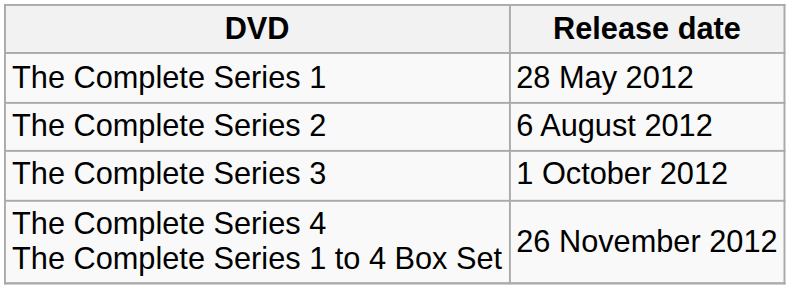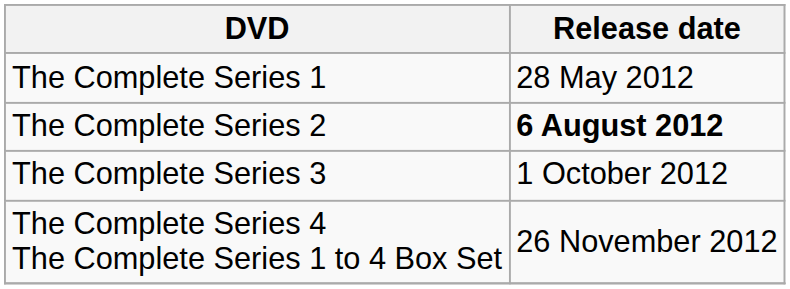 <table class="wikitable">
 <tr>
 <th>DVD</th>
 <th>Release date</th>
 </tr>
 <tr>
 <td>The Complete Series 1</td>
 <td>28 May 2012</td>
 </tr>
 <tr>
 <td>The Complete Series 2</td>
-<td>6 August 2012</td>
+<td><strong>6 August 2012</strong></td>
 </tr>
 <tr>
 <td>The Complete Series 3</td>
 <td>1 October 2012</td>
 </tr>
 <tr>
 <td>The Complete Series 4<br>The Complete Series 1 to 4 Box Set</td>
 <td>26 November 2012</td>
 </tr>
 <tr>
 </tr>
 </table>
